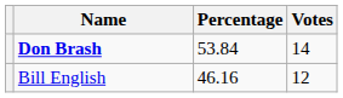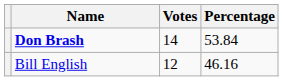 <table class="wikitable">
 <tr>
 <th></th>
 <th>Name</th>
+<th>Votes</th>
 <th>Percentage</th>
-<th>Votes</th>
 </tr>
 <tr>
 <th style="background-color: "></th>
 <td width="150"><strong><a href='#'>Don Brash</a></strong></td>
+<td>14</td>
 <td>53.84</td>
-<td>14</td>
 </tr>
 <tr>
 <th style="background-color: "></th>
 <td><a href='#'>Bill English</a></td>
+<td>12</td>
 <td>46.16</td>
-<td>12</td>
 </tr>
 </table>
